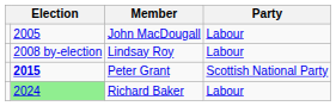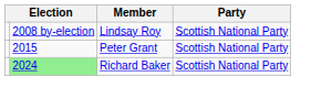 <table class="wikitable">
 <tr>
 <th colspan="2">Election</th>
 <th>Member</th>
 <th>Party</th>
 </tr>
 <tr>
 <td style="color:inherit;background-color: "></td>
-<td><a href='#'>2005</a></td>
-<td><a href='#'>John MacDougall</a></td>
-<td><a href='#'>Labour</a></td>
+<td><a href='#'>2008 by-election</a></td>
+<td><a href='#'>Lindsay Roy</a></td>
+<td><a href='#'>Scottish National Party</a></td>
 </tr>
 <tr>
 <td style="color:inherit;background-color: "></td>
-<td><a href='#'>2008 by-election</a></td>
-<td><a href='#'>Lindsay Roy</a></td>
-<td><a href='#'>Labour</a></td>
-</tr>
-<tr>
-<td style="color:inherit;background-color: "></td>
-<td><strong><a href='#'>2015</a></strong></td>
+<td><a href='#'>2015</a></td>
 <td><a href='#'>Peter Grant</a></td>
 <td><a href='#'>Scottish National Party</a></td>
 </tr>
 <tr>
 <td style="color:inherit;background-color: "></td>
 <td style="background: lightgreen;"><a href='#'>2024</a></td>
 <td><a href='#'>Richard Baker</a></td>
-<td><a href='#'>Labour</a></td>
+<td><a href='#'>Scottish National Party</a></td>
 </tr>
 </table>
